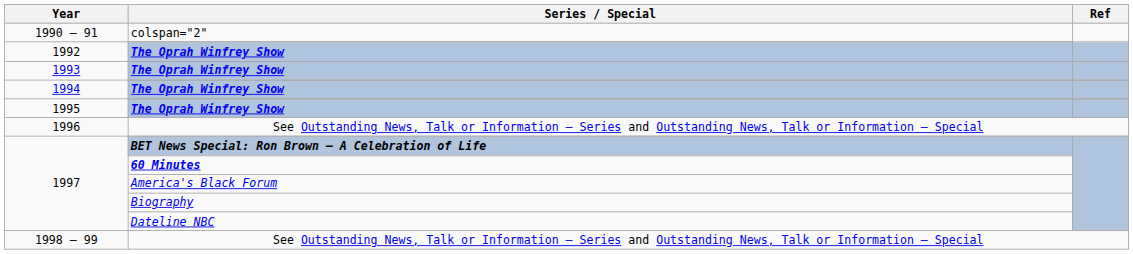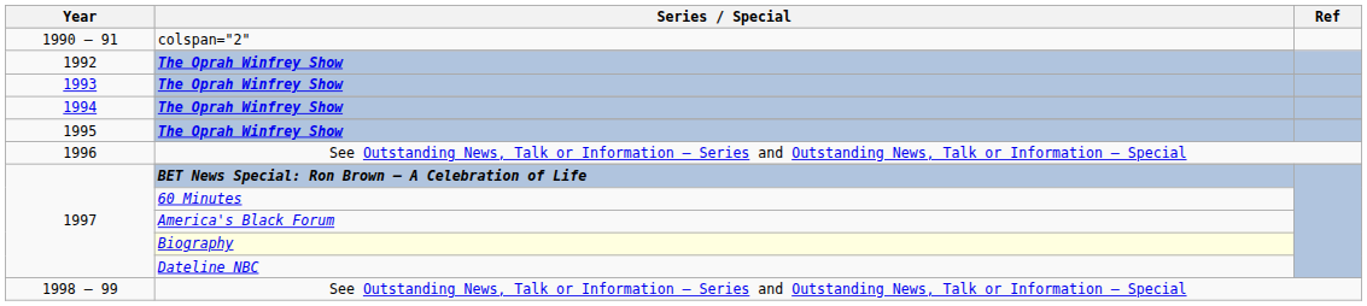 <table class="wikitable" style="width:100%;">
 <tr style="background:#bebebe;">
 <th style="width:11%;">Year</th>
 <th style="width:84%;">Series / Special</th>
 <th style="width:5%;">Ref</th>
 </tr>
 <tr>
 <td align="center">1990 – 91</td>
 <td>colspan="2" </td>
 </tr>
 <tr>
 <td rowspan="2" align="center">1992</td>
 </tr>
 <tr style="background:#B0C4DE">
 <td><strong><em><a href='#'>The Oprah Winfrey Show</a></em></strong></td>
 <td align="center"></td>
 </tr>
 <tr>
 <td rowspan="2" align="center"><a href='#'>1993</a></td>
 </tr>
 <tr style="background:#B0C4DE">
 <td><strong><em><a href='#'>The Oprah Winfrey Show</a></em></strong></td>
 <td align="center"></td>
 </tr>
 <tr>
 <td rowspan="2" align="center"><a href='#'>1994</a></td>
 </tr>
 <tr style="background:#B0C4DE">
 <td><strong><em><a href='#'>The Oprah Winfrey Show</a></em></strong></td>
 <td align="center"></td>
 </tr>
 <tr>
 <td rowspan="2" align="center">1995</td>
 </tr>
 <tr style="background:#B0C4DE">
 <td><strong><em><a href='#'>The Oprah Winfrey Show</a></em></strong></td>
 <td align="center"></td>
 </tr>
 <tr>
 <td align="center">1996</td>
 <td colspan="2" align="center">See <a href='#'>Outstanding News, Talk or Information – Series</a> and <a href='#'>Outstanding News, Talk or Information – Special</a></td>
 </tr>
 <tr>
 <td rowspan="6" align="center">1997</td>
 </tr>
 <tr style="background:#B0C4DE">
 <td><strong><em>BET News Special: Ron Brown – A Celebration of Life</em></strong></td>
 <td rowspan="5" align="center"></td>
 </tr>
 <tr>
-<td><strong><em><a href='#'>60 Minutes</a></em></strong></td>
+<td><em><a href='#'>60 Minutes</a></em></td>
 </tr>
 <tr>
 <td><em><a href='#'>America's Black Forum</a></em></td>
 </tr>
 <tr>
-<td><em><a href='#'>Biography</a></em></td>
+<td style="background: lightyellow;"><em><a href='#'>Biography</a></em></td>
 </tr>
 <tr>
 <td><em><a href='#'>Dateline NBC</a></em></td>
 </tr>
 <tr>
 <td align="center">1998 – 99</td>
 <td colspan="2" align="center">See <a href='#'>Outstanding News, Talk or Information – Series</a> and <a href='#'>Outstanding News, Talk or Information – Special</a></td>
 </tr>
 </table>
